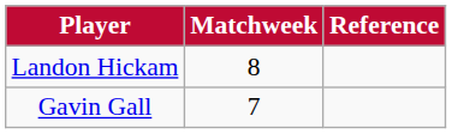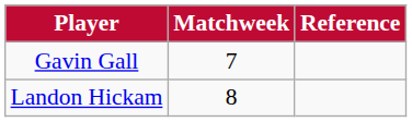 <table class=wikitable>
 <tr>
 <th style="background:#BF0A34; color:#FFFFFF;">Player</th>
 <th style="background:#BF0A34; color:#FFFFFF;">Matchweek</th>
 <th style="background:#BF0A34; color:#FFFFFF;">Reference</th>
 </tr>
 <tr>
+<td align=center> <a href='#'>Gavin Gall</a></td>
+<td align=center>7</td>
+<td align=center></td>
+</tr>
+<tr>
 <td align=center> <a href='#'>Landon Hickam</a></td>
 <td align=center>8</td>
 <td align=center></td>
 </tr>
-<tr>
-<td align=center> <a href='#'>Gavin Gall</a></td>
-<td align=center>7</td>
-<td align=center></td>
-</tr>
 </table>
